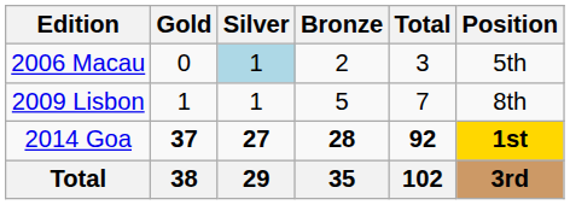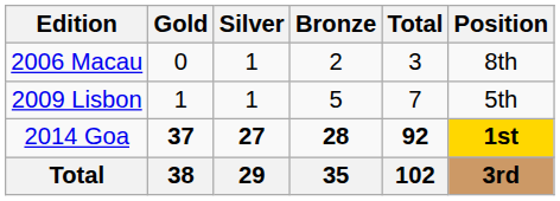 <table class="wikitable" style="text-align:center;">
 <tr>
 <th>Edition</th>
 <th> Gold</th>
 <th> Silver</th>
 <th> Bronze</th>
 <th>Total</th>
 <th>Position</th>
 </tr>
 <tr>
 <td><a href='#'>2006 Macau</a></td>
 <td>0</td>
-<td style="background: lightblue;">1</td>
+<td>1</td>
 <td>2</td>
 <td>3</td>
-<td>5th</td>
+<td>8th</td>
 </tr>
 <tr>
 <td><a href='#'>2009 Lisbon</a></td>
 <td>1</td>
 <td>1</td>
 <td>5</td>
 <td>7</td>
-<td>8th</td>
+<td>5th</td>
 </tr>
 <tr>
 <td><a href='#'>2014 Goa</a></td>
 <td><strong>37</strong></td>
 <td><strong>27</strong></td>
 <td><strong>28</strong></td>
 <td><strong>92</strong></td>
 <td bgcolor=gold><strong>1st</strong></td>
 </tr>
 <tr>
 <th>Total</th>
 <th>38</th>
 <th>29</th>
 <th>35</th>
 <th>102</th>
 <td bgcolor="CC9966"><strong>3rd</strong></td>
 </tr>
 </table>
